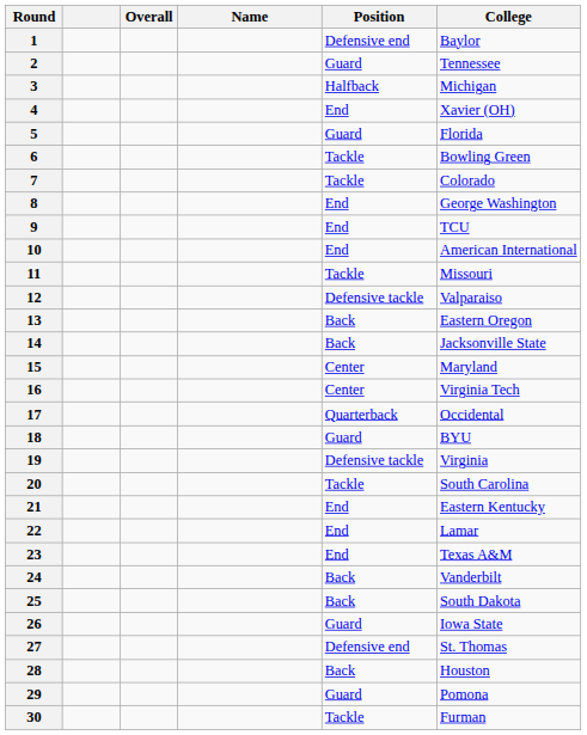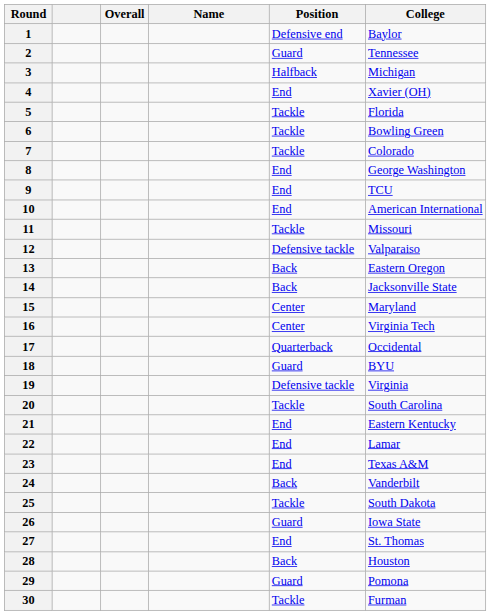 <table class="wikitable sortable">
 <tr>
 <th scope="col" style="width: 10%;">Round</th>
 <th scope="col" style="width: 10%;"></th>
 <th scope="col" style="width: 10%;">Overall</th>
 <th scope="col" style="width: 25%;">Name</th>
 <th scope="col" style="width: 20%;">Position</th>
 <th scope="col" style="width: 25%;">College</th>
 </tr>
 <tr>
 <th scope="row">1</th>
 <td></td>
 <td></td>
 <td></td>
 <td><a href='#'>Defensive end</a></td>
 <td><a href='#'>Baylor</a></td>
 </tr>
 <tr>
 <th scope="row">2</th>
 <td></td>
 <td></td>
 <td></td>
 <td><a href='#'>Guard</a></td>
 <td><a href='#'>Tennessee</a></td>
 </tr>
 <tr>
 <th scope="row">3</th>
 <td></td>
 <td></td>
 <td></td>
 <td><a href='#'>Halfback</a></td>
 <td><a href='#'>Michigan</a></td>
 </tr>
 <tr>
 <th scope="row">4</th>
 <td></td>
 <td></td>
 <td></td>
 <td><a href='#'>End</a></td>
 <td><a href='#'>Xavier (OH)</a></td>
 </tr>
 <tr>
 <th scope="row">5</th>
 <td></td>
 <td></td>
 <td></td>
-<td><a href='#'>Guard</a></td>
+<td><a href='#'>Tackle</a></td>
 <td><a href='#'>Florida</a></td>
 </tr>
 <tr>
 <th scope="row">6</th>
 <td></td>
 <td></td>
 <td></td>
 <td><a href='#'>Tackle</a></td>
 <td><a href='#'>Bowling Green</a></td>
 </tr>
 <tr>
 <th scope="row">7</th>
 <td></td>
 <td></td>
 <td></td>
 <td><a href='#'>Tackle</a></td>
 <td><a href='#'>Colorado</a></td>
 </tr>
 <tr>
 <th scope="row">8</th>
 <td></td>
 <td></td>
 <td></td>
 <td><a href='#'>End</a></td>
 <td><a href='#'>George Washington</a></td>
 </tr>
 <tr>
 <th scope="row">9</th>
 <td></td>
 <td></td>
 <td></td>
 <td><a href='#'>End</a></td>
 <td><a href='#'>TCU</a></td>
 </tr>
 <tr>
 <th scope="row">10</th>
 <td></td>
 <td></td>
 <td></td>
 <td><a href='#'>End</a></td>
 <td><a href='#'>American International</a></td>
 </tr>
 <tr>
 <th scope="row">11</th>
 <td></td>
 <td></td>
 <td></td>
 <td><a href='#'>Tackle</a></td>
 <td><a href='#'>Missouri</a></td>
 </tr>
 <tr>
 <th scope="row">12</th>
 <td></td>
 <td></td>
 <td></td>
 <td><a href='#'>Defensive tackle</a></td>
 <td><a href='#'>Valparaiso</a></td>
 </tr>
 <tr>
 <th scope="row">13</th>
 <td></td>
 <td></td>
 <td></td>
 <td><a href='#'>Back</a></td>
 <td><a href='#'>Eastern Oregon</a></td>
 </tr>
 <tr>
 <th scope="row">14</th>
 <td></td>
 <td></td>
 <td></td>
 <td><a href='#'>Back</a></td>
 <td><a href='#'>Jacksonville State</a></td>
 </tr>
 <tr>
 <th scope="row">15</th>
 <td></td>
 <td></td>
 <td></td>
 <td><a href='#'>Center</a></td>
 <td><a href='#'>Maryland</a></td>
 </tr>
 <tr>
 <th scope="row">16</th>
 <td></td>
 <td></td>
 <td></td>
 <td><a href='#'>Center</a></td>
 <td><a href='#'>Virginia Tech</a></td>
 </tr>
 <tr>
 <th scope="row">17</th>
 <td></td>
 <td></td>
 <td></td>
 <td><a href='#'>Quarterback</a></td>
 <td><a href='#'>Occidental</a></td>
 </tr>
 <tr>
 <th scope="row">18</th>
 <td></td>
 <td></td>
 <td></td>
 <td><a href='#'>Guard</a></td>
 <td><a href='#'>BYU</a></td>
 </tr>
 <tr>
 <th scope="row">19</th>
 <td></td>
 <td></td>
 <td></td>
 <td><a href='#'>Defensive tackle</a></td>
 <td><a href='#'>Virginia</a></td>
 </tr>
 <tr>
 <th scope="row">20</th>
 <td></td>
 <td></td>
 <td></td>
 <td><a href='#'>Tackle</a></td>
 <td><a href='#'>South Carolina</a></td>
 </tr>
 <tr>
 <th scope="row">21</th>
 <td></td>
 <td></td>
 <td></td>
 <td><a href='#'>End</a></td>
 <td><a href='#'>Eastern Kentucky</a></td>
 </tr>
 <tr>
 <th scope="row">22</th>
 <td></td>
 <td></td>
 <td></td>
 <td><a href='#'>End</a></td>
 <td><a href='#'>Lamar</a></td>
 </tr>
 <tr>
 <th scope="row">23</th>
 <td></td>
 <td></td>
 <td></td>
 <td><a href='#'>End</a></td>
 <td><a href='#'>Texas A&M</a></td>
 </tr>
 <tr>
 <th scope="row">24</th>
 <td></td>
 <td></td>
 <td></td>
 <td><a href='#'>Back</a></td>
 <td><a href='#'>Vanderbilt</a></td>
 </tr>
 <tr>
 <th scope="row">25</th>
 <td></td>
 <td></td>
 <td></td>
-<td><a href='#'>Back</a></td>
+<td><a href='#'>Tackle</a></td>
 <td><a href='#'>South Dakota</a></td>
 </tr>
 <tr>
 <th scope="row">26</th>
 <td></td>
 <td></td>
 <td></td>
 <td><a href='#'>Guard</a></td>
 <td><a href='#'>Iowa State</a></td>
 </tr>
 <tr>
 <th scope="row">27</th>
 <td></td>
 <td></td>
 <td></td>
-<td><a href='#'>Defensive end</a></td>
+<td><a href='#'>End</a></td>
 <td><a href='#'>St. Thomas</a></td>
 </tr>
 <tr>
 <th scope="row">28</th>
 <td></td>
 <td></td>
 <td></td>
 <td><a href='#'>Back</a></td>
 <td><a href='#'>Houston</a></td>
 </tr>
 <tr>
 <th scope="row">29</th>
 <td></td>
 <td></td>
 <td></td>
 <td><a href='#'>Guard</a></td>
 <td><a href='#'>Pomona</a></td>
 </tr>
 <tr>
 <th scope="row">30</th>
 <td></td>
 <td></td>
 <td></td>
 <td><a href='#'>Tackle</a></td>
 <td><a href='#'>Furman</a></td>
 </tr>
 </table>
